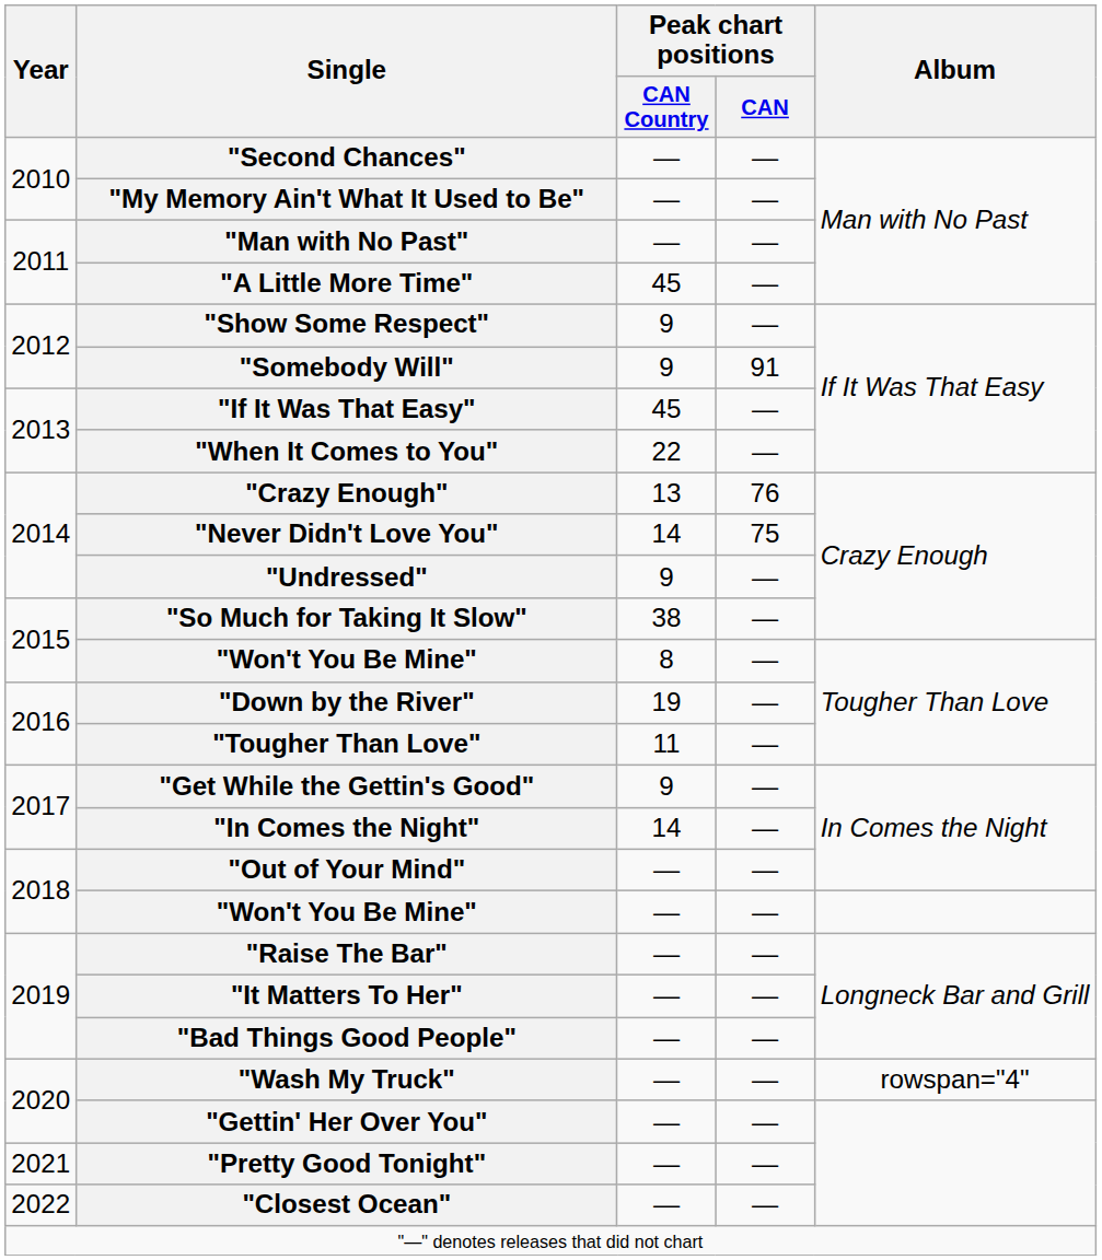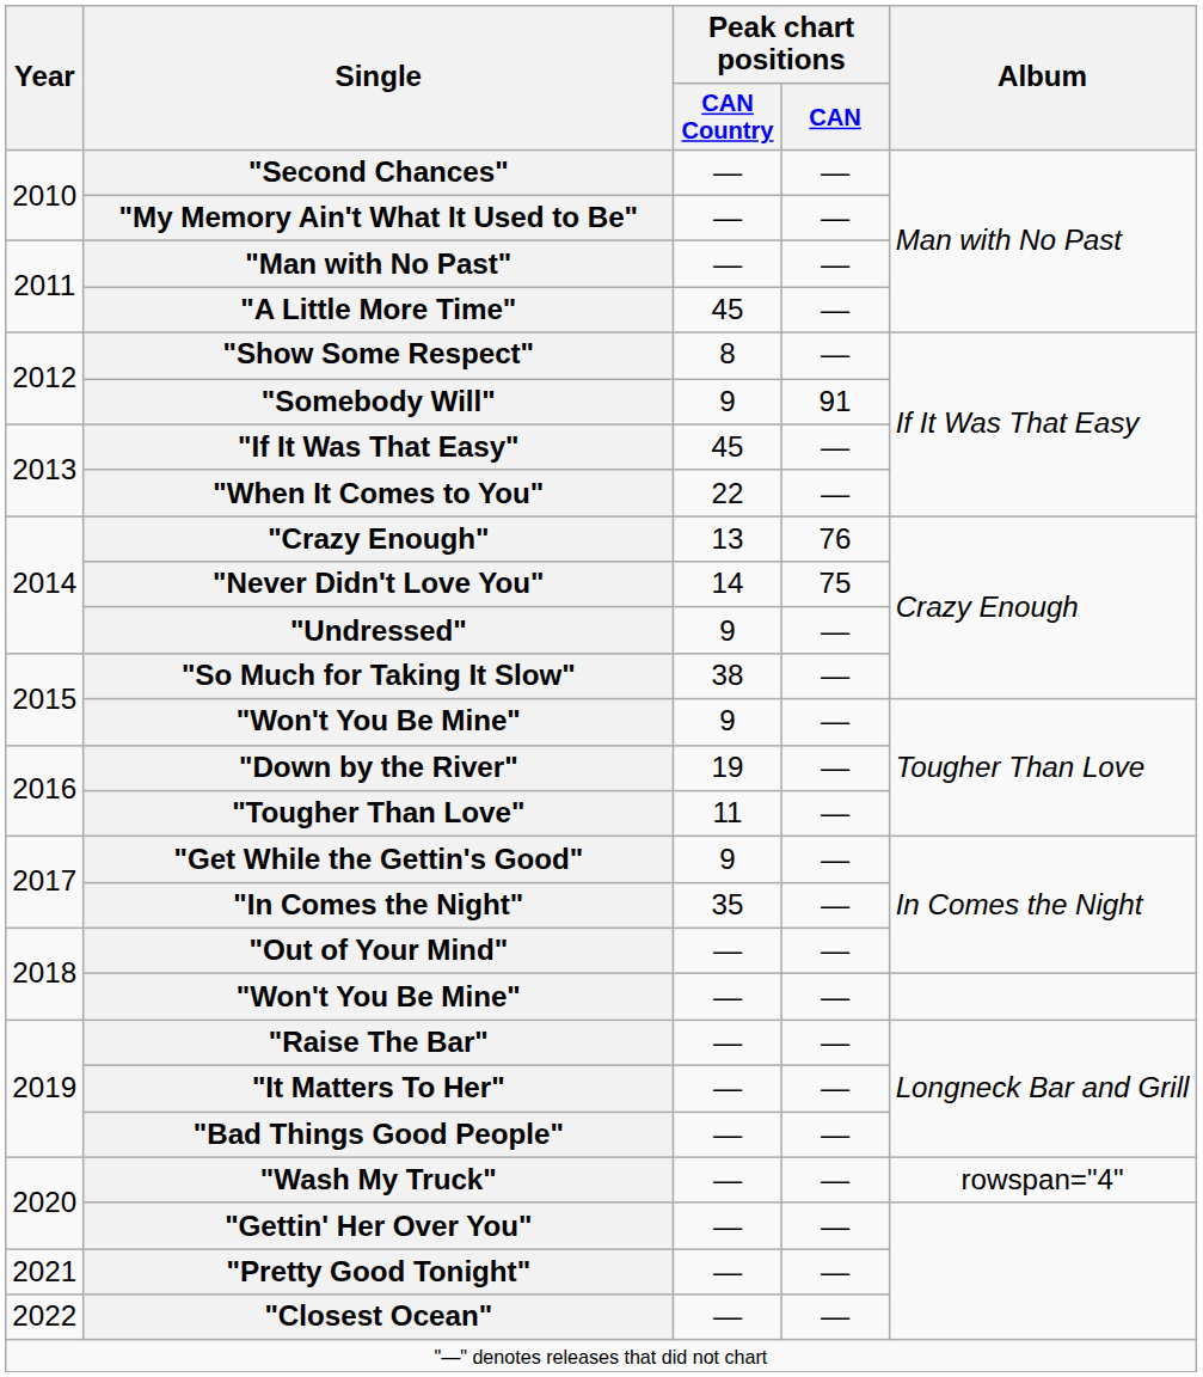 <table class="wikitable plainrowheaders" style="text-align:center;">
 <tr>
 <th rowspan="2">Year</th>
 <th rowspan="2" style="width:20em;">Single</th>
 <th colspan="2">Peak chart<br>positions</th>
 <th rowspan="2">Album</th>
 </tr>
 <tr style="font-size:smaller;">
 <th style="width:4em;"><a href='#'>CAN Country</a><br></th>
 <th style="width:4em;"><a href='#'>CAN</a><br></th>
 </tr>
 <tr>
 <td rowspan="2">2010</td>
 <th scope="row">"Second Chances"</th>
 <td>—</td>
 <td>—</td>
 <td align="left" rowspan="4"><em>Man with No Past</em></td>
 </tr>
 <tr>
 <th scope="row">"My Memory Ain't What It Used to Be"</th>
 <td>—</td>
 <td>—</td>
 </tr>
 <tr>
 <td rowspan="2">2011</td>
 <th scope="row">"Man with No Past"</th>
 <td>—</td>
 <td>—</td>
 </tr>
 <tr>
 <th scope="row">"A Little More Time"</th>
 <td>45</td>
 <td>—</td>
 </tr>
 <tr>
 <td rowspan="2">2012</td>
 <th scope="row">"Show Some Respect"</th>
-<td>9</td>
+<td>8</td>
 <td>—</td>
 <td align="left" rowspan="4"><em>If It Was That Easy</em></td>
 </tr>
 <tr>
 <th scope="row">"Somebody Will"</th>
 <td>9</td>
 <td>91</td>
 </tr>
 <tr>
 <td rowspan="2">2013</td>
 <th scope="row">"If It Was That Easy"</th>
 <td>45</td>
 <td>—</td>
 </tr>
 <tr>
 <th scope="row">"When It Comes to You"</th>
 <td>22</td>
 <td>—</td>
 </tr>
 <tr>
 <td rowspan="3">2014</td>
 <th scope="row">"Crazy Enough"</th>
 <td>13</td>
 <td>76</td>
 <td align="left" rowspan="4"><em>Crazy Enough</em></td>
 </tr>
 <tr>
 <th scope="row">"Never Didn't Love You"</th>
 <td>14</td>
 <td>75</td>
 </tr>
 <tr>
 <th scope="row">"Undressed"</th>
 <td>9</td>
 <td>—</td>
 </tr>
 <tr>
 <td rowspan="2">2015</td>
 <th scope="row">"So Much for Taking It Slow"</th>
 <td>38</td>
 <td>—</td>
 </tr>
 <tr>
 <th scope="row">"Won't You Be Mine"</th>
-<td>8</td>
+<td>9</td>
 <td>—</td>
 <td align="left" rowspan="3"><em>Tougher Than Love</em></td>
 </tr>
 <tr>
 <td rowspan="2">2016</td>
 <th scope="row">"Down by the River"</th>
 <td>19</td>
 <td>—</td>
 </tr>
 <tr>
 <th scope="row">"Tougher Than Love"</th>
 <td>11</td>
 <td>—</td>
 </tr>
 <tr>
 <td rowspan="2">2017</td>
 <th scope="row">"Get While the Gettin's Good"</th>
 <td>9</td>
 <td>—</td>
 <td align="left" rowspan="3"><em>In Comes the Night</em></td>
 </tr>
 <tr>
 <th scope="row">"In Comes the Night"</th>
-<td>14</td>
+<td>35</td>
 <td>—</td>
 </tr>
 <tr>
 <td rowspan="2">2018</td>
 <th scope="row">"Out of Your Mind"</th>
 <td>—</td>
 <td>—</td>
 </tr>
 <tr>
 <th scope="row">"Won't You Be Mine" </th>
 <td>—</td>
 <td>—</td>
 <td></td>
 </tr>
 <tr>
 <td rowspan="3">2019</td>
 <th scope="row">"Raise The Bar"</th>
 <td>—</td>
 <td>—</td>
 <td rowspan="3"><em>Longneck Bar and Grill</em></td>
 </tr>
 <tr>
 <th scope="row">"It Matters To Her"</th>
 <td>—</td>
 <td>—</td>
 </tr>
 <tr>
 <th scope="row">"Bad Things Good People"</th>
 <td>—</td>
 <td>—</td>
 </tr>
 <tr>
 <td rowspan="2">2020</td>
 <th scope="row">"Wash My Truck"</th>
 <td>—</td>
 <td>—</td>
 <td>rowspan="4" </td>
 </tr>
 <tr>
 <th scope="row">"Gettin' Her Over You"</th>
 <td>—</td>
 <td>—</td>
 </tr>
 <tr>
 <td>2021</td>
 <th scope="row">"Pretty Good Tonight"</th>
 <td>—</td>
 <td>—</td>
 </tr>
 <tr>
 <td>2022</td>
 <th scope="row">"Closest Ocean"</th>
 <td>—</td>
 <td>—</td>
 </tr>
 <tr>
 <td colspan="5" style="font-size:8pt">"—" denotes releases that did not chart</td>
 </tr>
 </table>
